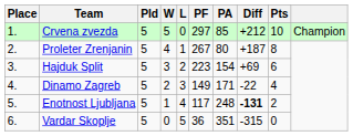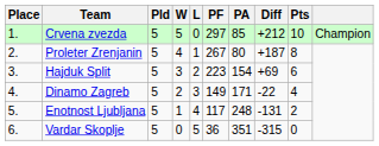 <table class="wikitable">
 <tr>
 <th>Place</th>
 <th>Team</th>
 <th>Pld</th>
 <th>W</th>
 <th>L</th>
 <th>PF</th>
 <th>PA</th>
 <th>Diff</th>
 <th>Pts</th>
 <th></th>
 </tr>
 <tr bgcolor=#ccffcc>
 <td>1.</td>
 <td><a href='#'>Crvena zvezda</a></td>
 <td>5</td>
 <td>5</td>
 <td>0</td>
 <td>297</td>
 <td>85</td>
 <td>+212</td>
 <td>10</td>
 <td rowspan="1">Champion</td>
 </tr>
 <tr>
 <td>2.</td>
 <td><a href='#'>Proleter Zrenjanin</a></td>
 <td>5</td>
 <td>4</td>
 <td>1</td>
 <td>267</td>
 <td>80</td>
 <td>+187</td>
 <td>8</td>
 <td rowspan="5"></td>
 </tr>
 <tr>
 <td>3.</td>
 <td><a href='#'>Hajduk Split</a></td>
 <td>5</td>
 <td>3</td>
 <td>2</td>
 <td>223</td>
 <td>154</td>
 <td>+69</td>
 <td>6</td>
 </tr>
 <tr>
 <td>4.</td>
 <td><a href='#'>Dinamo Zagreb</a></td>
 <td>5</td>
 <td>2</td>
 <td>3</td>
 <td>149</td>
 <td>171</td>
 <td>-22</td>
 <td>4</td>
 </tr>
 <tr>
 <td>5.</td>
 <td><a href='#'>Enotnost Ljubljana</a></td>
 <td>5</td>
 <td>1</td>
 <td>4</td>
 <td>117</td>
 <td>248</td>
-<td><strong>-131</strong></td>
+<td>-131</td>
 <td>2</td>
 </tr>
 <tr>
 <td>6.</td>
 <td><a href='#'>Vardar Skoplje</a></td>
 <td>5</td>
 <td>0</td>
 <td>5</td>
 <td>36</td>
 <td>351</td>
 <td>-315</td>
 <td>0</td>
 </tr>
 </table>
